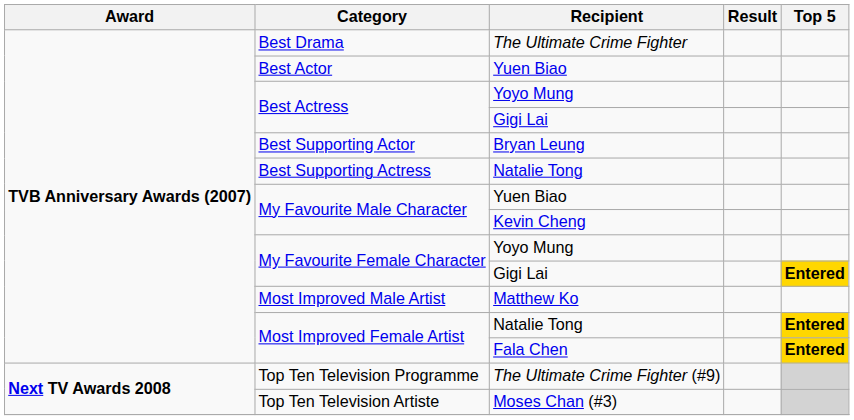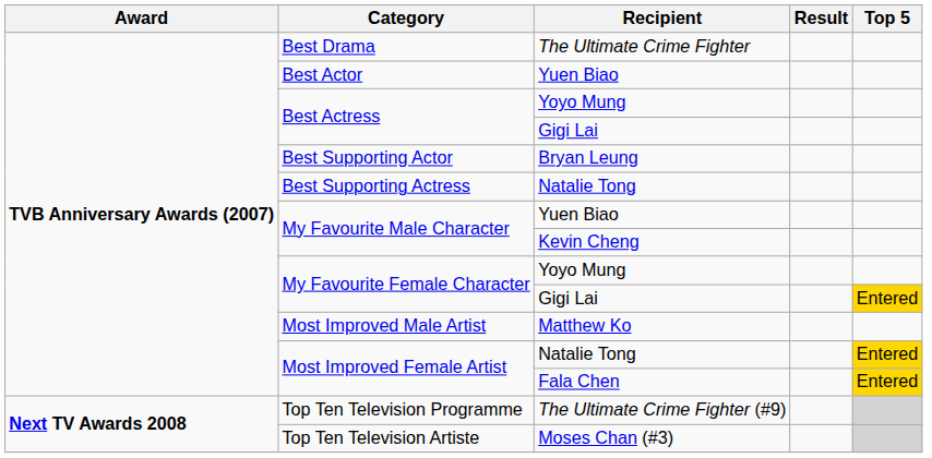 <table class="wikitable">
 <tr>
 <th>Award</th>
 <th>Category</th>
 <th>Recipient</th>
 <th>Result</th>
 <th>Top 5</th>
 </tr>
 <tr>
 <td rowspan=13><strong>TVB Anniversary Awards (2007)</strong></td>
 <td><a href='#'>Best Drama</a></td>
 <td><em>The Ultimate Crime Fighter</em></td>
 <td></td>
 <td></td>
 </tr>
 <tr>
 <td><a href='#'>Best Actor</a></td>
 <td><a href='#'>Yuen Biao</a></td>
 <td></td>
 <td></td>
 </tr>
 <tr>
 <td rowspan=2><a href='#'>Best Actress</a></td>
 <td><a href='#'>Yoyo Mung</a></td>
 <td></td>
 <td></td>
 </tr>
 <tr>
 <td><a href='#'>Gigi Lai</a></td>
 <td></td>
 <td></td>
 </tr>
 <tr>
 <td><a href='#'>Best Supporting Actor</a></td>
 <td><a href='#'>Bryan Leung</a></td>
 <td></td>
 <td></td>
 </tr>
 <tr>
 <td><a href='#'>Best Supporting Actress</a></td>
 <td><a href='#'>Natalie Tong</a></td>
 <td></td>
 <td></td>
 </tr>
 <tr>
 <td rowspan=2><a href='#'>My Favourite Male Character</a></td>
 <td>Yuen Biao</td>
 <td></td>
 <td></td>
 </tr>
 <tr>
 <td><a href='#'>Kevin Cheng</a></td>
 <td></td>
 <td></td>
 </tr>
 <tr>
 <td rowspan=2><a href='#'>My Favourite Female Character</a></td>
 <td>Yoyo Mung</td>
 <td></td>
 <td></td>
 </tr>
 <tr>
 <td>Gigi Lai</td>
 <td></td>
-<td td style="background:gold; text-align:center;"><strong>Entered</strong></td>
+<td td style="background:gold; text-align:center;">Entered</td>
 </tr>
 <tr>
 <td><a href='#'>Most Improved Male Artist</a></td>
 <td><a href='#'>Matthew Ko</a></td>
 <td></td>
 <td></td>
 </tr>
 <tr>
 <td rowspan=2><a href='#'>Most Improved Female Artist</a></td>
 <td>Natalie Tong</td>
 <td></td>
-<td td style="background:gold; text-align:center;"><strong>Entered</strong></td>
+<td td style="background:gold; text-align:center;">Entered</td>
 </tr>
 <tr>
 <td><a href='#'>Fala Chen</a></td>
 <td></td>
-<td td style="background:gold; text-align:center;"><strong>Entered</strong></td>
+<td td style="background:gold; text-align:center;">Entered</td>
 </tr>
 <tr>
 <td rowspan=2><strong><a href='#'>Next</a> TV Awards 2008</strong></td>
 <td>Top Ten Television Programme</td>
 <td><em>The Ultimate Crime Fighter</em> (#9)</td>
 <td></td>
 <td style="background:lightgrey;"> </td>
 </tr>
 <tr>
 <td>Top Ten Television Artiste</td>
 <td><a href='#'>Moses Chan</a> (#3)</td>
 <td></td>
 <td style="background:lightgrey;"> </td>
 </tr>
 <tr>
 </tr>
 </table>
